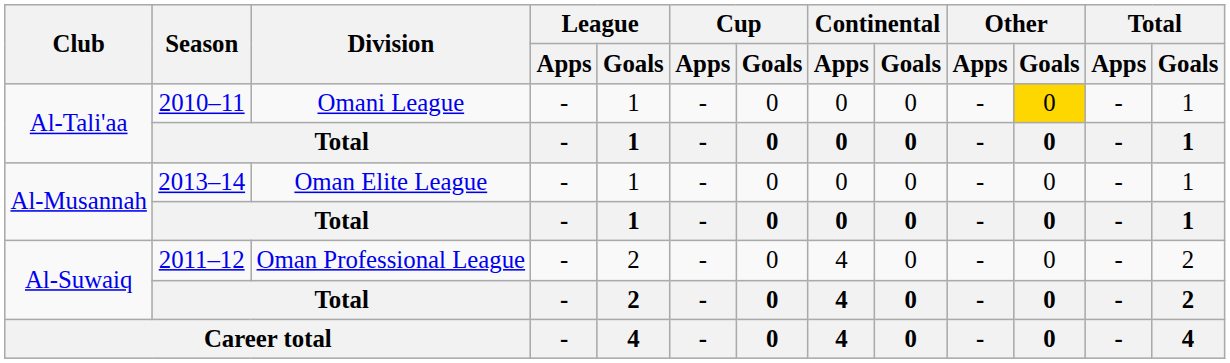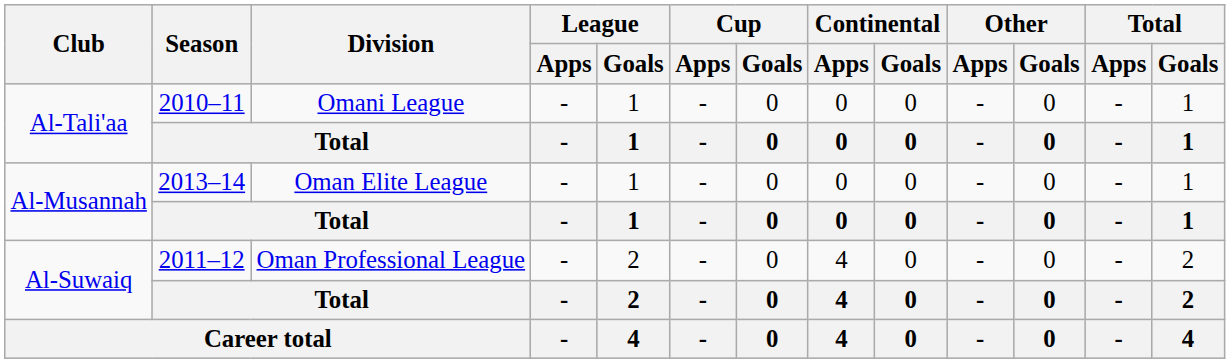 <table class="wikitable" style="text-align: center;">
 <tr>
 <th rowspan="2">Club</th>
 <th rowspan="2">Season</th>
 <th rowspan="2">Division</th>
 <th colspan="2">League</th>
 <th colspan="2">Cup</th>
 <th colspan="2">Continental</th>
 <th colspan="2">Other</th>
 <th colspan="2">Total</th>
 </tr>
 <tr>
 <th>Apps</th>
 <th>Goals</th>
 <th>Apps</th>
 <th>Goals</th>
 <th>Apps</th>
 <th>Goals</th>
 <th>Apps</th>
 <th>Goals</th>
 <th>Apps</th>
 <th>Goals</th>
 </tr>
 <tr>
 <td rowspan="2"><a href='#'>Al-Tali'aa</a></td>
 <td><a href='#'>2010–11</a></td>
 <td rowspan="1"><a href='#'>Omani League</a></td>
 <td>-</td>
 <td>1</td>
 <td>-</td>
 <td>0</td>
 <td>0</td>
 <td>0</td>
 <td>-</td>
-<td style="background: gold;">0</td>
+<td>0</td>
 <td>-</td>
 <td>1</td>
 </tr>
 <tr>
 <th colspan="2">Total</th>
 <th>-</th>
 <th>1</th>
 <th>-</th>
 <th>0</th>
 <th>0</th>
 <th>0</th>
 <th>-</th>
 <th>0</th>
 <th>-</th>
 <th>1</th>
 </tr>
 <tr>
 <td rowspan="2"><a href='#'>Al-Musannah</a></td>
 <td><a href='#'>2013–14</a></td>
 <td rowspan="1"><a href='#'>Oman Elite League</a></td>
 <td>-</td>
 <td>1</td>
 <td>-</td>
 <td>0</td>
 <td>0</td>
 <td>0</td>
 <td>-</td>
 <td>0</td>
 <td>-</td>
 <td>1</td>
 </tr>
 <tr>
 <th colspan="2">Total</th>
 <th>-</th>
 <th>1</th>
 <th>-</th>
 <th>0</th>
 <th>0</th>
 <th>0</th>
 <th>-</th>
 <th>0</th>
 <th>-</th>
 <th>1</th>
 </tr>
 <tr>
 <td rowspan="2"><a href='#'>Al-Suwaiq</a></td>
 <td><a href='#'>2011–12</a></td>
 <td rowspan="1"><a href='#'>Oman Professional League</a></td>
 <td>-</td>
 <td>2</td>
 <td>-</td>
 <td>0</td>
 <td>4</td>
 <td>0</td>
 <td>-</td>
 <td>0</td>
 <td>-</td>
 <td>2</td>
 </tr>
 <tr>
 <th colspan="2">Total</th>
 <th>-</th>
 <th>2</th>
 <th>-</th>
 <th>0</th>
 <th>4</th>
 <th>0</th>
 <th>-</th>
 <th>0</th>
 <th>-</th>
 <th>2</th>
 </tr>
 <tr>
 <th colspan="3">Career total</th>
 <th>-</th>
 <th>4</th>
 <th>-</th>
 <th>0</th>
 <th>4</th>
 <th>0</th>
 <th>-</th>
 <th>0</th>
 <th>-</th>
 <th>4</th>
 </tr>
 </table>
